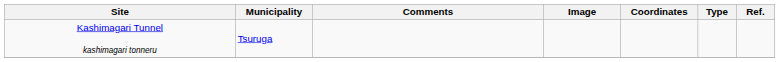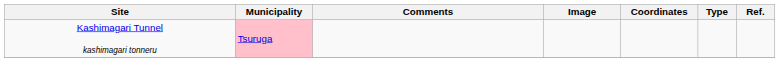 <table class="wikitable sortable"  style="width:100%;">
 <tr>
 <th width="30%" align="left">Site</th>
 <th width="10%" align="left">Municipality</th>
 <th width="30%" align="left" class="unsortable">Comments</th>
 <th width="10%" align="left"  class="unsortable">Image</th>
 <th width="10%" align="left" class="unsortable">Coordinates</th>
 <th width="5%" align="left">Type</th>
 <th width="5%" align="left"  class="unsortable">Ref.</th>
 </tr>
 <tr>
 <td align="center"><a href='#'>Kashimagari Tunnel</a><br><br><small><em>kashimagari tonneru</em></small></td>
-<td><a href='#'>Tsuruga</a></td>
+<td style="background: pink;"><a href='#'>Tsuruga</a></td>
 <td></td>
 <td></td>
 <td></td>
 <td></td>
 <td></td>
 </tr>
 <tr>
 </tr>
 </table>
